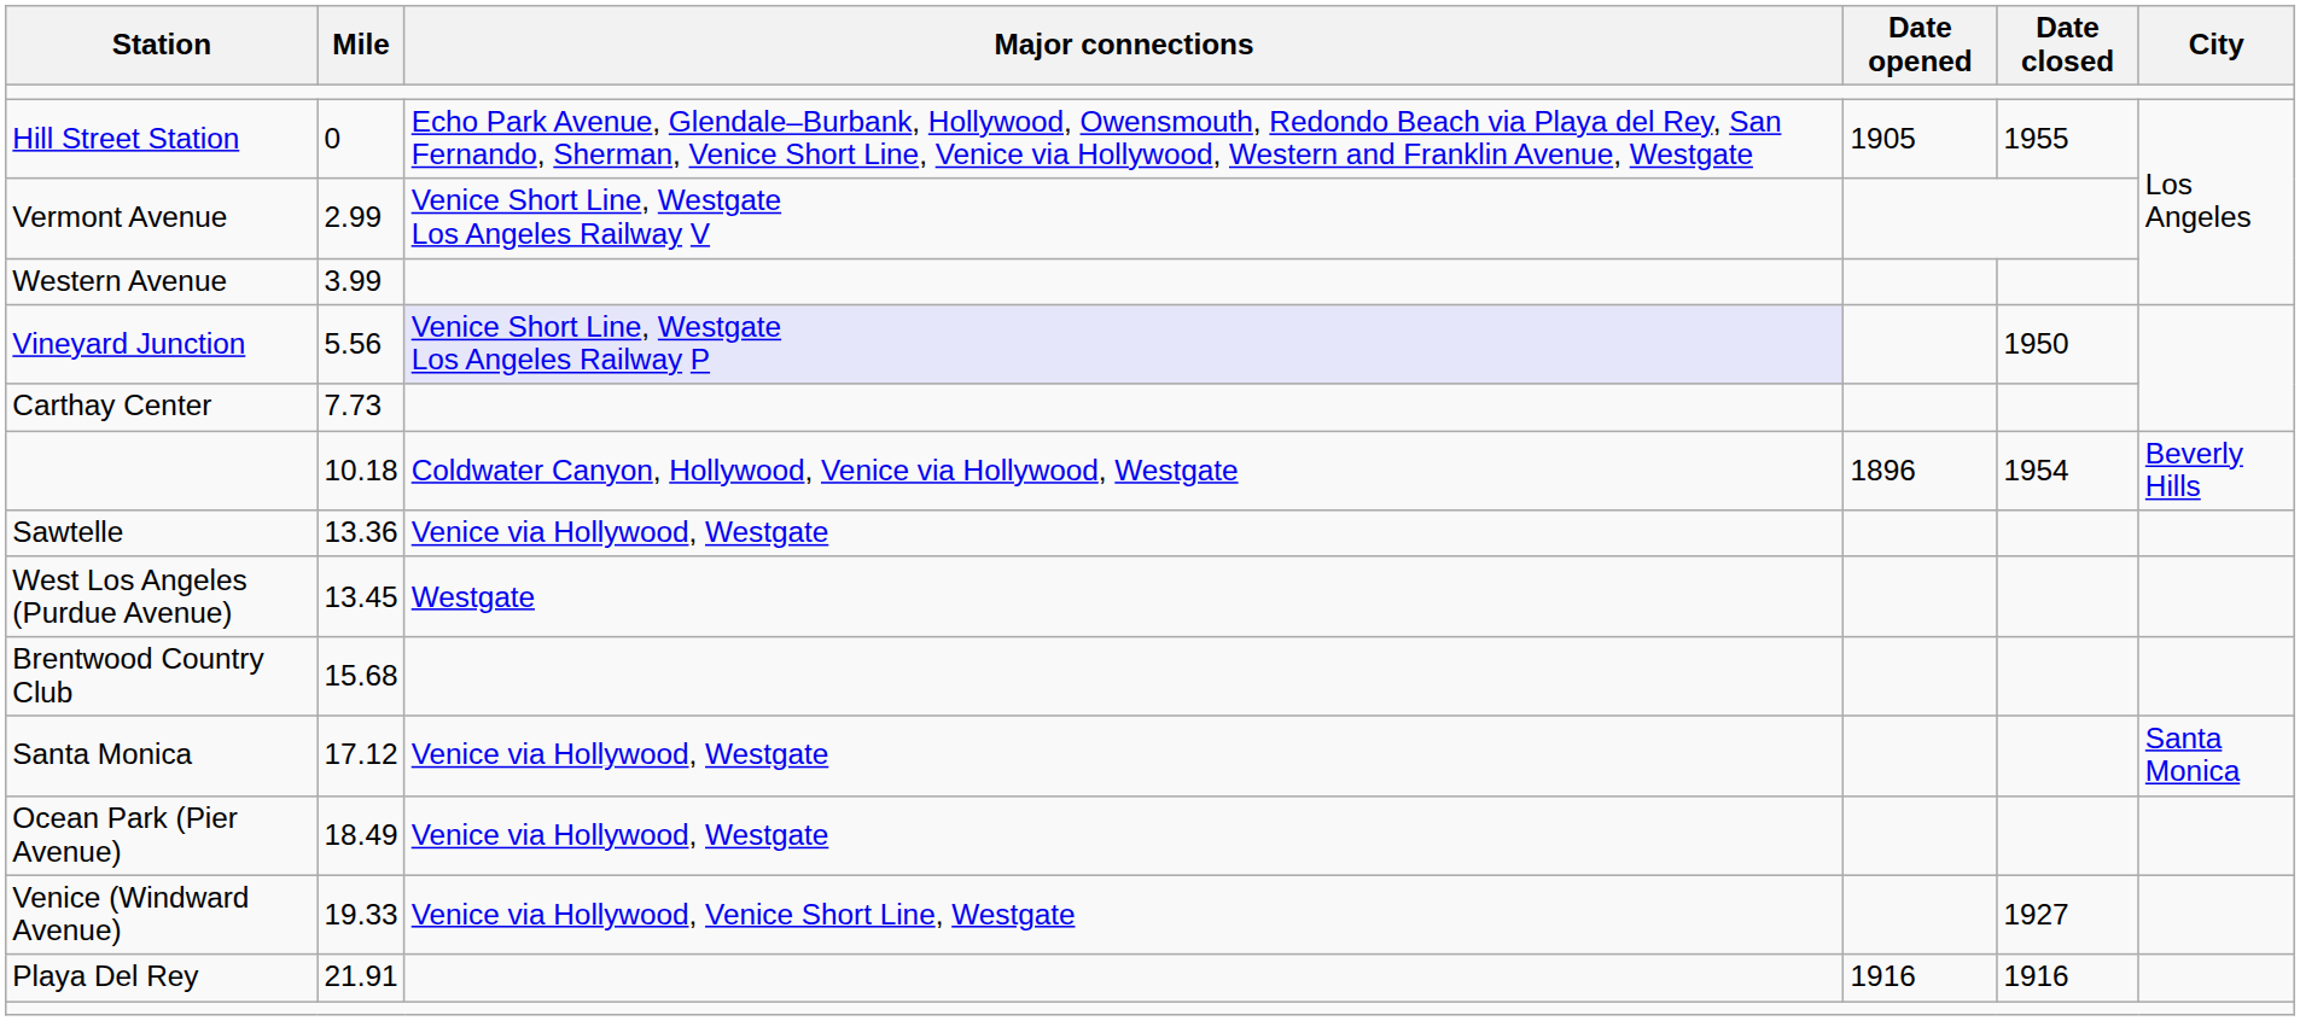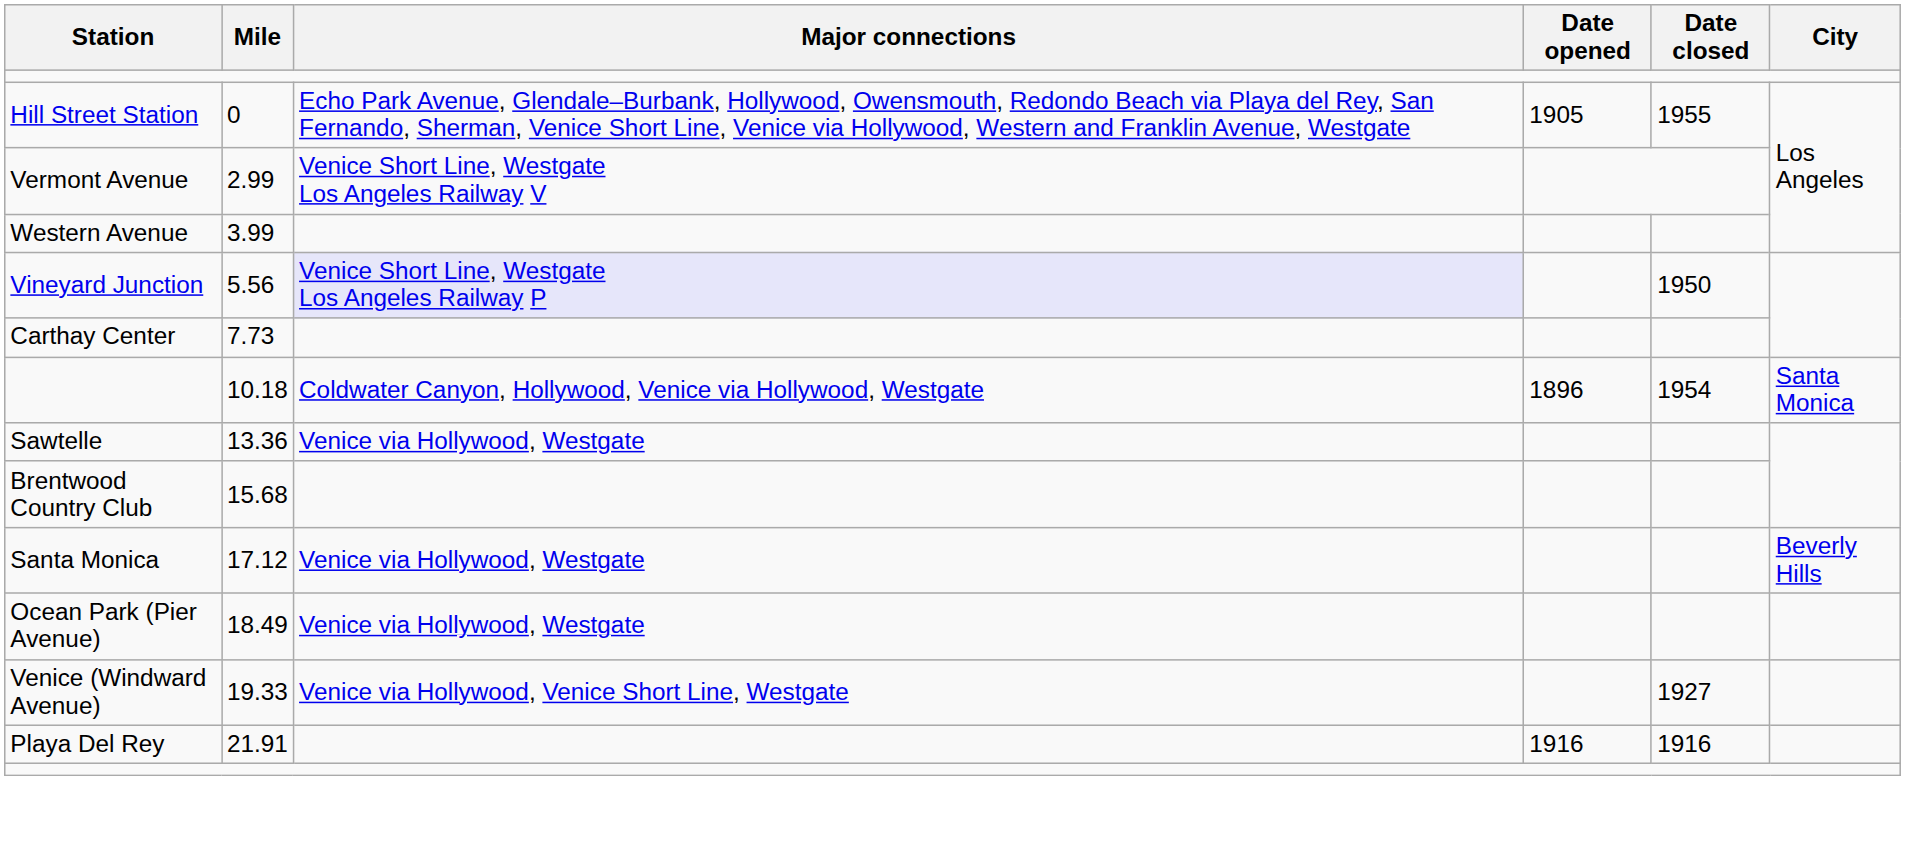 <table class="wikitable">
 <tr>
 <th>Station</th>
 <th>Mile</th>
 <th>Major connections</th>
 <th>Date opened</th>
 <th>Date closed</th>
 <th>City</th>
 </tr>
 <tr>
 <td colspan = "6"></td>
 </tr>
 <tr>
 <td><a href='#'>Hill Street Station</a></td>
 <td>0</td>
 <td><a href='#'>Echo Park Avenue</a>, <a href='#'>Glendale–Burbank</a>, <a href='#'>Hollywood</a>, <a href='#'>Owensmouth</a>, <a href='#'>Redondo Beach via Playa del Rey</a>, <a href='#'>San Fernando</a>, <a href='#'>Sherman</a>, <a href='#'>Venice Short Line</a>, <a href='#'>Venice via Hollywood</a>, <a href='#'>Western and Franklin Avenue</a>, <a href='#'>Westgate</a></td>
 <td>1905</td>
 <td>1955</td>
 <td rowspan=3>Los Angeles</td>
 </tr>
 <tr>
 <td>Vermont Avenue</td>
 <td>2.99</td>
 <td><a href='#'>Venice Short Line</a>, <a href='#'>Westgate</a><br><a href='#'>Los Angeles Railway</a> <a href='#'>V</a></td>
 </tr>
 <tr>
 <td>Western Avenue</td>
 <td>3.99</td>
 <td></td>
 <td></td>
 <td></td>
 </tr>
 <tr>
 <td><a href='#'>Vineyard Junction</a></td>
 <td>5.56</td>
 <td style="background: lavender;"><a href='#'>Venice Short Line</a>, <a href='#'>Westgate</a><br><a href='#'>Los Angeles Railway</a> <a href='#'>P</a></td>
 <td></td>
 <td>1950</td>
 </tr>
 <tr>
 <td>Carthay Center</td>
 <td>7.73</td>
 <td></td>
 <td></td>
 <td></td>
 </tr>
 <tr>
 <td></td>
 <td>10.18</td>
 <td><a href='#'>Coldwater Canyon</a>, <a href='#'>Hollywood</a>, <a href='#'>Venice via Hollywood</a>, <a href='#'>Westgate</a></td>
 <td>1896</td>
 <td>1954</td>
-<td><a href='#'>Beverly Hills</a></td>
+<td><a href='#'>Santa Monica</a></td>
 </tr>
 <tr>
 <td>Sawtelle</td>
 <td>13.36</td>
 <td><a href='#'>Venice via Hollywood</a>, <a href='#'>Westgate</a></td>
-<td></td>
-<td></td>
-</tr>
-<tr>
-<td>West Los Angeles (Purdue Avenue)</td>
-<td>13.45</td>
-<td><a href='#'>Westgate</a></td>
-<td></td>
 <td></td>
 <td></td>
 </tr>
 <tr>
 <td>Brentwood Country Club</td>
 <td>15.68</td>
 <td></td>
 <td></td>
 <td></td>
 </tr>
 <tr>
 <td>Santa Monica</td>
 <td>17.12</td>
 <td><a href='#'>Venice via Hollywood</a>, <a href='#'>Westgate</a></td>
 <td></td>
 <td></td>
-<td><a href='#'>Santa Monica</a></td>
+<td><a href='#'>Beverly Hills</a></td>
 </tr>
 <tr>
 <td>Ocean Park (Pier Avenue)</td>
 <td>18.49</td>
 <td><a href='#'>Venice via Hollywood</a>, <a href='#'>Westgate</a></td>
 <td></td>
 <td></td>
 <td></td>
 </tr>
 <tr>
 <td>Venice (Windward Avenue)</td>
 <td>19.33</td>
 <td><a href='#'>Venice via Hollywood</a>, <a href='#'>Venice Short Line</a>, <a href='#'>Westgate</a></td>
 <td></td>
 <td>1927</td>
 <td></td>
 </tr>
 <tr>
 <td>Playa Del Rey</td>
 <td>21.91</td>
 <td></td>
 <td>1916</td>
 <td>1916</td>
 <td></td>
 </tr>
 <tr>
 <td colspan = "6"></td>
 </tr>
 </table>
